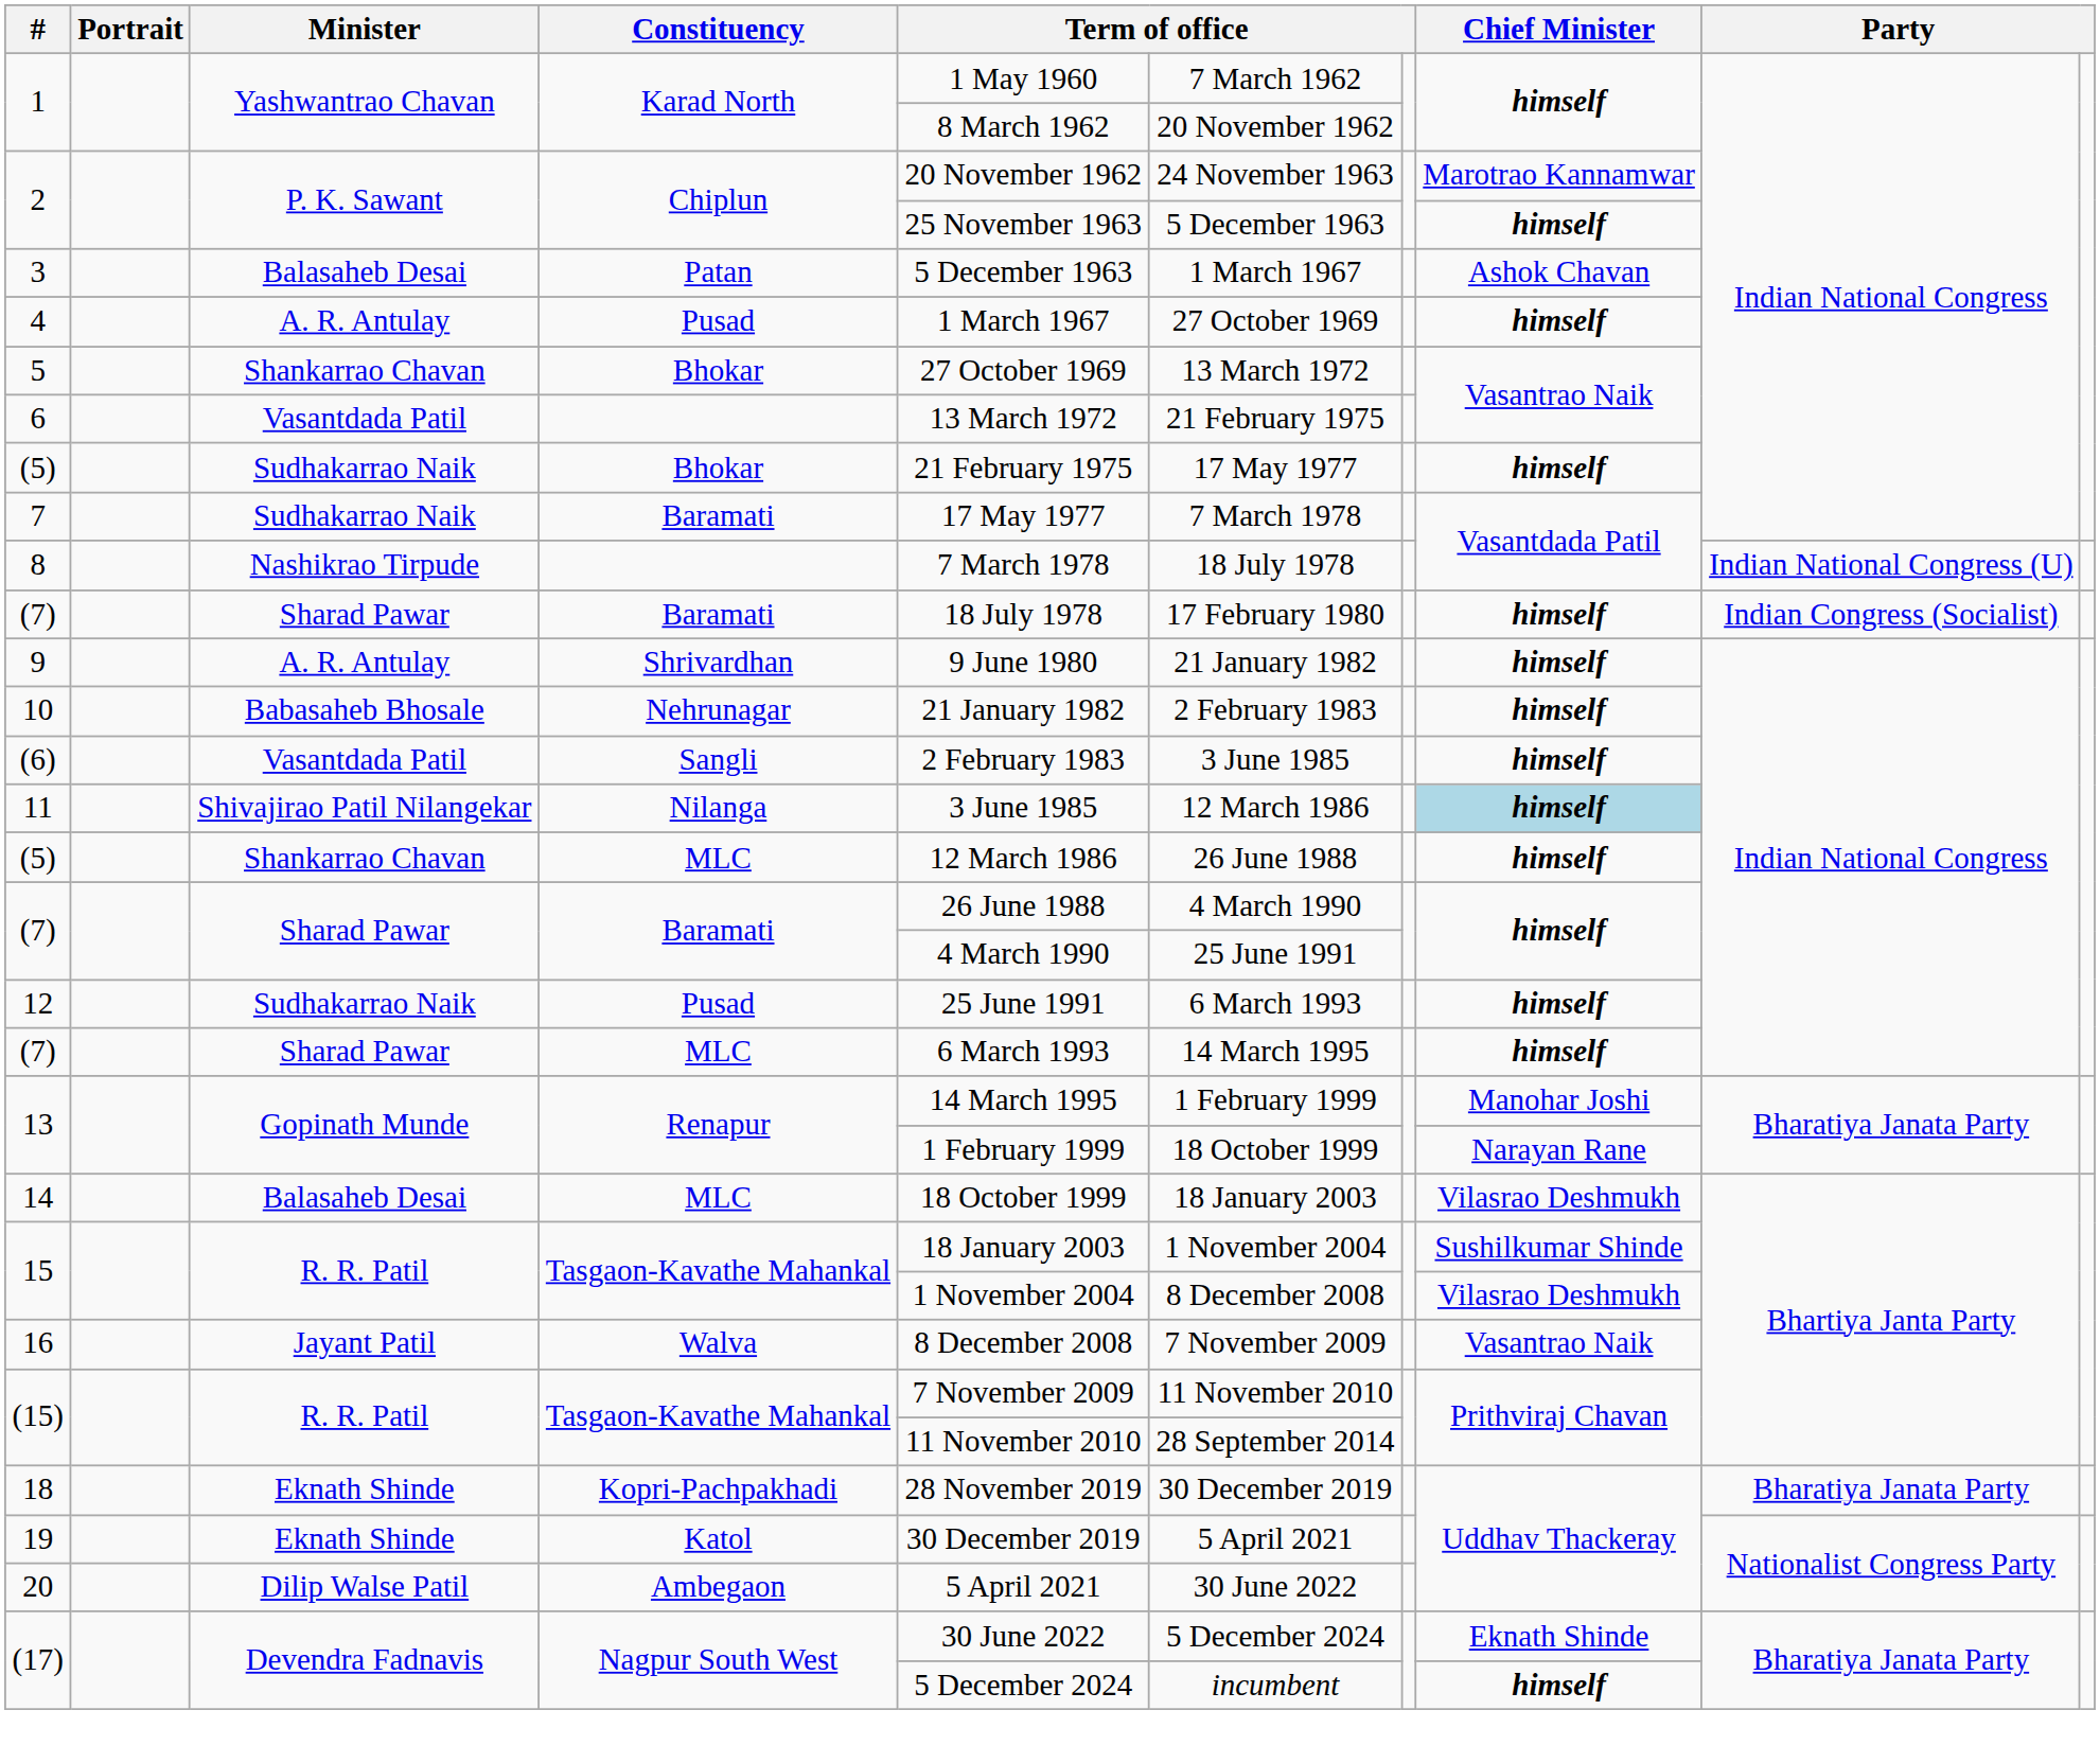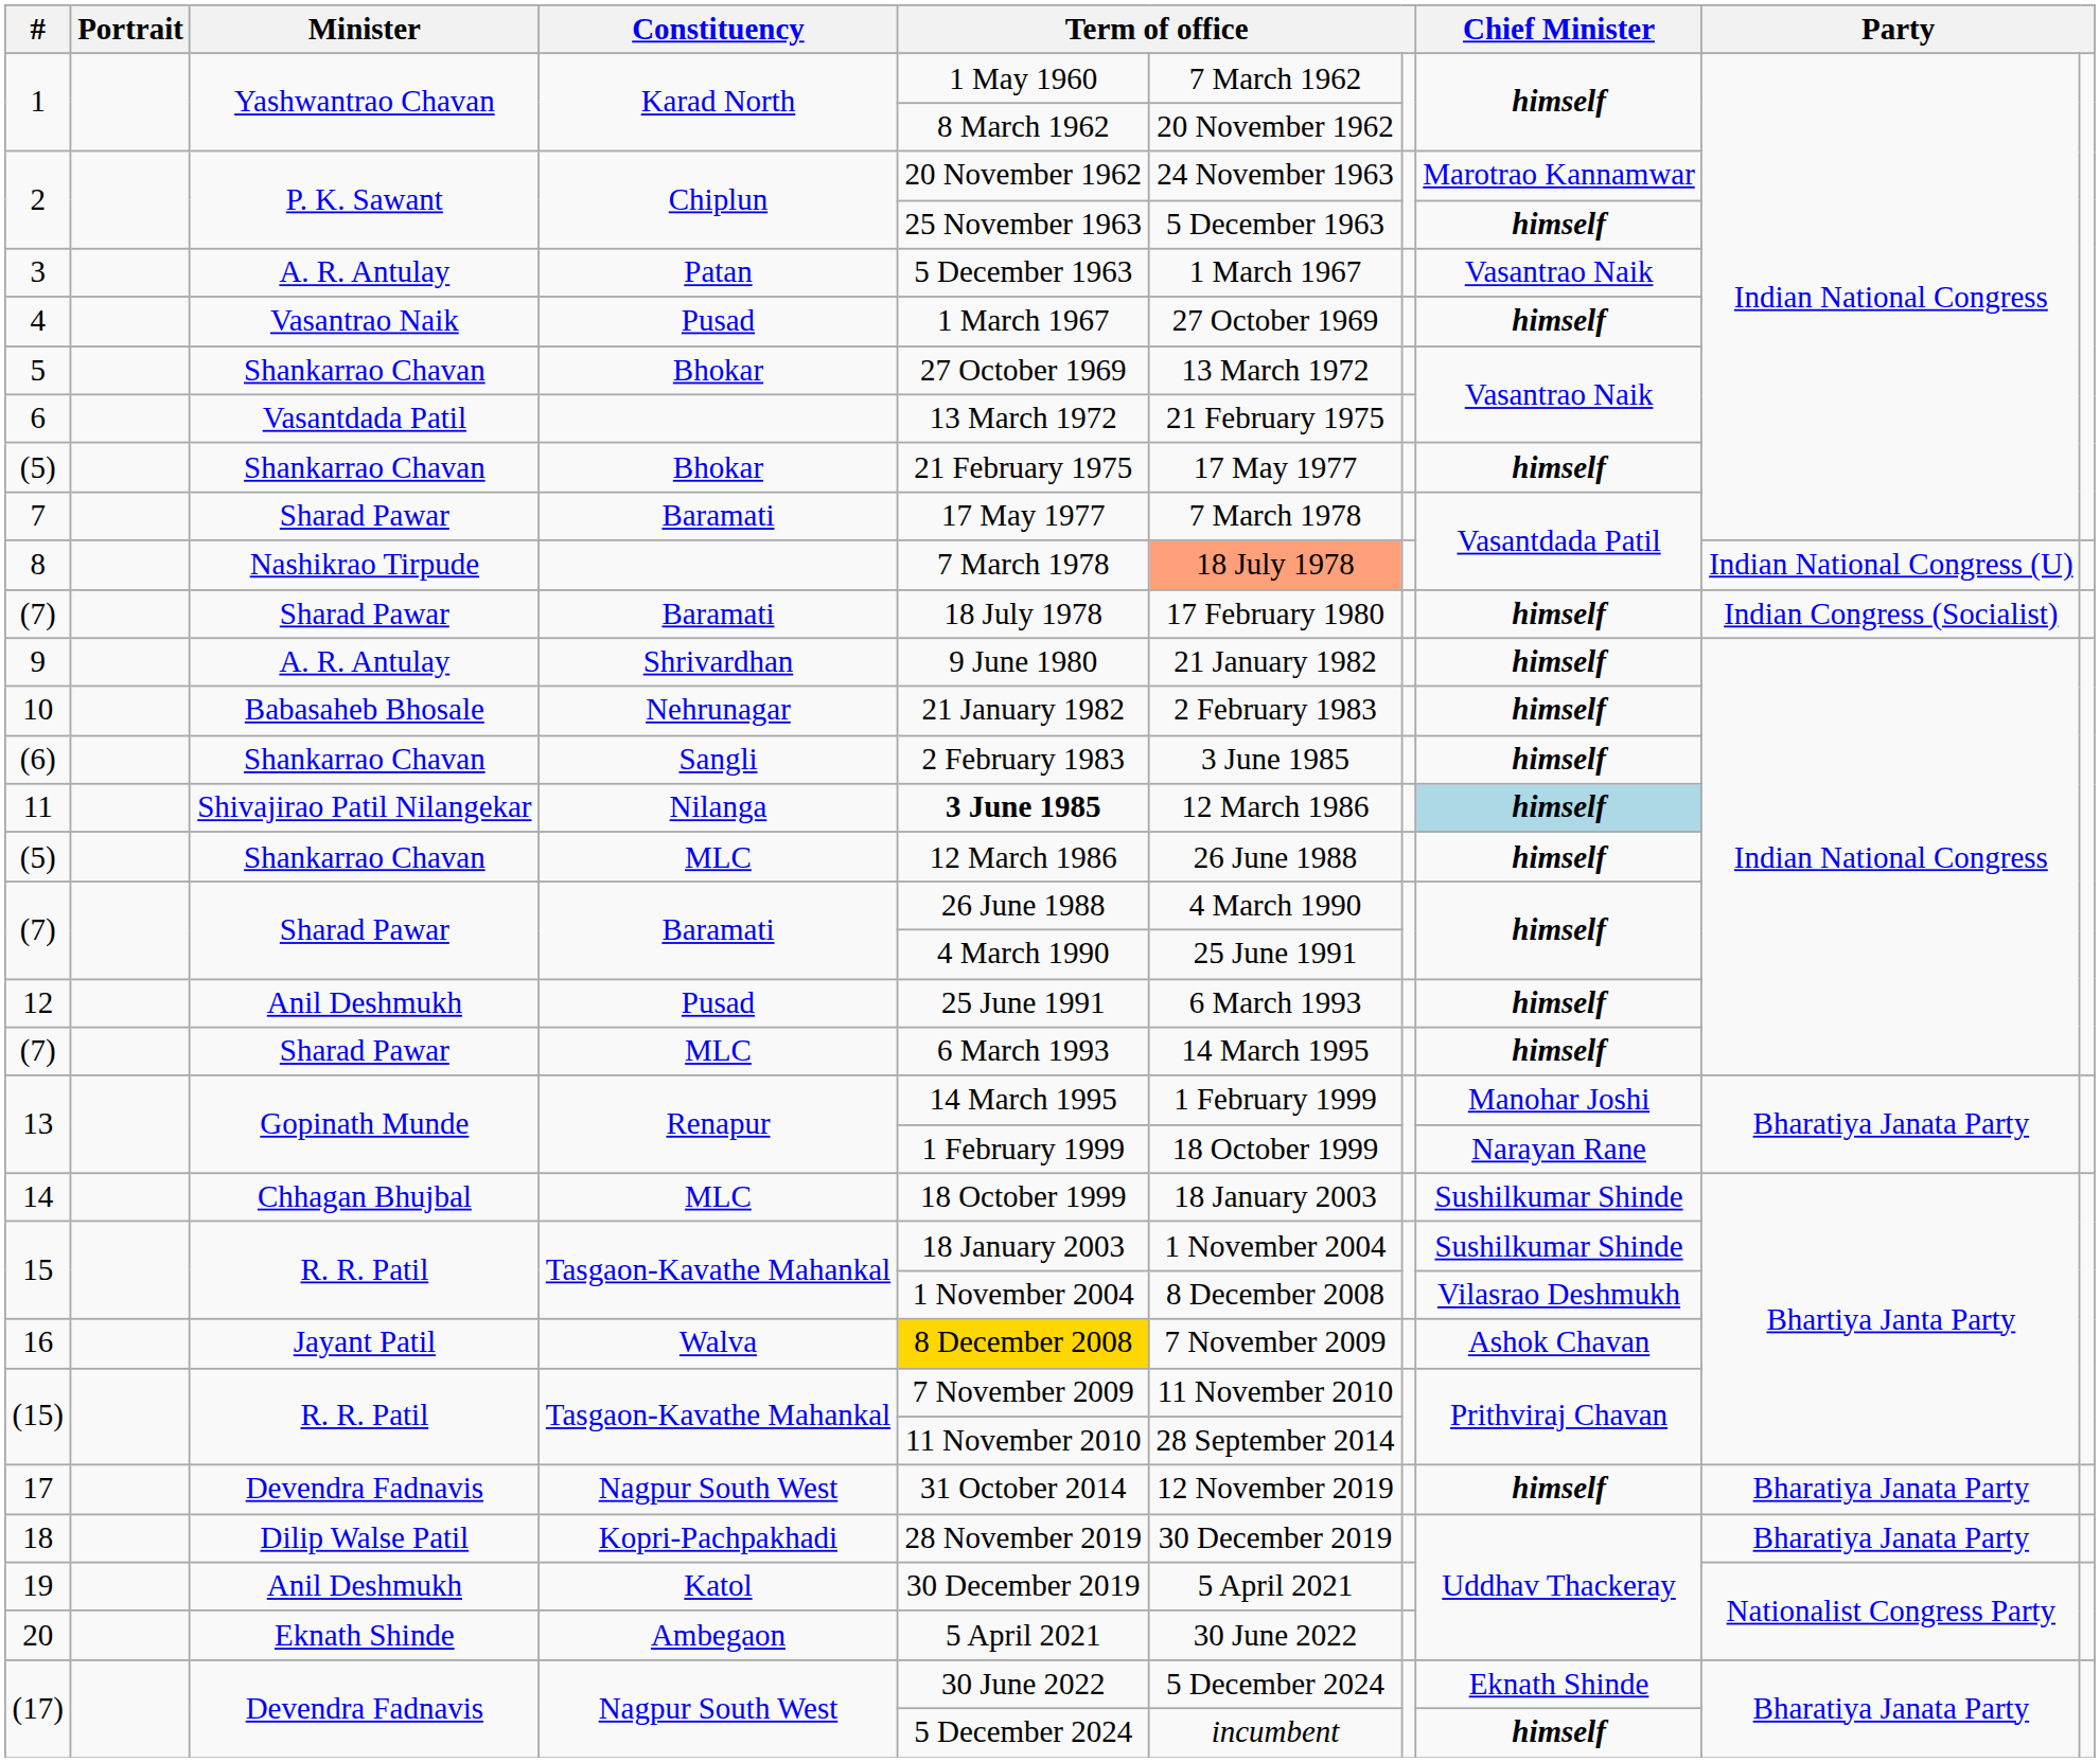 <table class="wikitable" style="text-align:center">
 <tr>
 <th>#</th>
 <th>Portrait</th>
 <th>Minister</th>
 <th><a href='#'>Constituency</a></th>
 <th colspan="3">Term of office</th>
 <th><a href='#'>Chief Minister</a></th>
 <th colspan="2">Party</th>
 </tr>
 <tr>
 <td rowspan="2">1</td>
 <td rowspan="2"></td>
 <td rowspan="2"><a href='#'>Yashwantrao Chavan</a></td>
 <td rowspan="2"><a href='#'>Karad North</a></td>
 <td>1 May 1960</td>
 <td>7 March 1962</td>
 <td rowspan="2"></td>
 <td rowspan="2"><strong><em>himself</em></strong></td>
 <td rowspan="10"><a href='#'>Indian National Congress</a></td>
 <td rowspan="10" style="background-color: "></td>
 </tr>
 <tr>
 <td>8 March 1962</td>
 <td>20 November 1962</td>
 </tr>
 <tr>
 <td rowspan="2">2</td>
 <td rowspan="2"></td>
 <td rowspan="2"><a href='#'>P. K. Sawant</a></td>
 <td rowspan="2"><a href='#'>Chiplun</a></td>
 <td>20 November 1962</td>
 <td>24 November 1963</td>
 <td rowspan="2"></td>
 <td><a href='#'>Marotrao Kannamwar</a></td>
 </tr>
 <tr>
 <td>25 November 1963</td>
 <td>5 December 1963</td>
 <td><strong><em>himself</em></strong></td>
 </tr>
 <tr>
 <td>3</td>
 <td></td>
-<td><a href='#'>Balasaheb Desai</a></td>
+<td><a href='#'>A. R. Antulay</a></td>
 <td><a href='#'>Patan</a></td>
 <td>5 December 1963</td>
 <td>1 March 1967</td>
 <td></td>
-<td><a href='#'>Ashok Chavan</a></td>
+<td><a href='#'>Vasantrao Naik</a></td>
 </tr>
 <tr>
 <td>4</td>
 <td></td>
-<td><a href='#'>A. R. Antulay</a></td>
+<td><a href='#'>Vasantrao Naik</a></td>
 <td><a href='#'>Pusad</a></td>
 <td>1 March 1967</td>
 <td>27 October 1969</td>
 <td></td>
 <td><strong><em>himself</em></strong></td>
 </tr>
 <tr>
 <td>5</td>
 <td></td>
 <td><a href='#'>Shankarrao Chavan</a></td>
 <td><a href='#'>Bhokar</a></td>
 <td>27 October 1969</td>
 <td>13 March 1972</td>
 <td></td>
 <td rowspan="2"><a href='#'>Vasantrao Naik</a></td>
 </tr>
 <tr>
 <td>6</td>
 <td></td>
 <td><a href='#'>Vasantdada Patil</a></td>
 <td></td>
 <td>13 March 1972</td>
 <td>21 February 1975</td>
 <td></td>
 </tr>
 <tr>
 <td>(5)</td>
 <td></td>
-<td><a href='#'>Sudhakarrao Naik</a></td>
+<td><a href='#'>Shankarrao Chavan</a></td>
 <td><a href='#'>Bhokar</a></td>
 <td>21 February 1975</td>
 <td>17 May 1977</td>
 <td></td>
 <td><strong><em>himself</em></strong></td>
 </tr>
 <tr>
 <td>7</td>
 <td></td>
-<td><a href='#'>Sudhakarrao Naik</a></td>
+<td><a href='#'>Sharad Pawar</a></td>
 <td><a href='#'>Baramati</a></td>
 <td>17 May 1977</td>
 <td>7 March 1978</td>
 <td></td>
 <td rowspan="2"><a href='#'>Vasantdada Patil</a></td>
 </tr>
 <tr>
 <td>8</td>
 <td></td>
 <td><a href='#'>Nashikrao Tirpude</a></td>
 <td></td>
 <td>7 March 1978</td>
-<td>18 July 1978</td>
+<td style="background: lightsalmon;">18 July 1978</td>
 <td></td>
 <td><a href='#'>Indian National Congress (U)</a></td>
 <td style="background-color: "></td>
 </tr>
 <tr>
 <td>(7)</td>
 <td></td>
 <td><a href='#'>Sharad Pawar</a></td>
 <td><a href='#'>Baramati</a></td>
 <td>18 July 1978</td>
 <td>17 February 1980</td>
 <td></td>
 <td><strong><em>himself</em></strong></td>
 <td><a href='#'>Indian Congress (Socialist)</a></td>
 <td style="background-color: "></td>
 </tr>
 <tr>
 <td>9</td>
 <td></td>
 <td><a href='#'>A. R. Antulay</a></td>
 <td><a href='#'>Shrivardhan</a></td>
 <td>9 June 1980</td>
 <td>21 January 1982</td>
 <td></td>
 <td><strong><em>himself</em></strong></td>
 <td rowspan="9"><a href='#'>Indian National Congress</a></td>
 <td rowspan="9" style="background-color: "></td>
 </tr>
 <tr>
 <td>10</td>
 <td></td>
 <td><a href='#'>Babasaheb Bhosale</a></td>
 <td><a href='#'>Nehrunagar</a></td>
 <td>21 January 1982</td>
 <td>2 February 1983</td>
 <td></td>
 <td><strong><em>himself</em></strong></td>
 </tr>
 <tr>
 <td>(6)</td>
 <td></td>
-<td><a href='#'>Vasantdada Patil</a></td>
+<td><a href='#'>Shankarrao Chavan</a></td>
 <td><a href='#'>Sangli</a></td>
 <td>2 February 1983</td>
 <td>3 June 1985</td>
 <td></td>
 <td><strong><em>himself</em></strong></td>
 </tr>
 <tr>
 <td>11</td>
 <td></td>
 <td><a href='#'>Shivajirao Patil Nilangekar</a></td>
 <td><a href='#'>Nilanga</a></td>
-<td>3 June 1985</td>
+<td><strong>3 June 1985</strong></td>
 <td>12 March 1986</td>
 <td></td>
 <td style="background: lightblue;"><strong><em>himself</em></strong></td>
 </tr>
 <tr>
 <td>(5)</td>
 <td></td>
 <td><a href='#'>Shankarrao Chavan</a></td>
 <td><a href='#'>MLC</a></td>
 <td>12 March 1986</td>
 <td>26 June 1988</td>
 <td></td>
 <td><strong><em>himself</em></strong></td>
 </tr>
 <tr>
 <td rowspan="2">(7)</td>
 <td rowspan="2"></td>
 <td rowspan="2"><a href='#'>Sharad Pawar</a></td>
 <td rowspan="2"><a href='#'>Baramati</a></td>
 <td>26 June 1988</td>
 <td>4 March 1990</td>
 <td rowspan="2"></td>
 <td rowspan="2"><strong><em>himself</em></strong></td>
 </tr>
 <tr>
 <td>4 March 1990</td>
 <td>25 June 1991</td>
 </tr>
 <tr>
 <td>12</td>
 <td></td>
-<td><a href='#'>Sudhakarrao Naik</a></td>
+<td><a href='#'>Anil Deshmukh</a></td>
 <td><a href='#'>Pusad</a></td>
 <td>25 June 1991</td>
 <td>6 March 1993</td>
 <td></td>
 <td><strong><em>himself</em></strong></td>
 </tr>
 <tr>
 <td>(7)</td>
 <td></td>
 <td><a href='#'>Sharad Pawar</a></td>
 <td><a href='#'>MLC</a></td>
 <td>6 March 1993</td>
 <td>14 March 1995</td>
 <td></td>
 <td><strong><em>himself</em></strong></td>
 </tr>
 <tr>
 <td rowspan="2">13</td>
 <td rowspan="2"></td>
 <td rowspan="2"><a href='#'>Gopinath Munde</a></td>
 <td rowspan="2"><a href='#'>Renapur</a></td>
 <td>14 March 1995</td>
 <td>1 February 1999</td>
 <td rowspan="2"></td>
 <td><a href='#'>Manohar Joshi</a></td>
 <td rowspan="2"><a href='#'>Bharatiya Janata Party</a></td>
 <td rowspan="2" style="background-color: "></td>
 </tr>
 <tr>
 <td>1 February 1999</td>
 <td>18 October 1999</td>
 <td><a href='#'>Narayan Rane</a></td>
 </tr>
 <tr>
 <td>14</td>
 <td></td>
-<td><a href='#'>Balasaheb Desai</a></td>
+<td><a href='#'>Chhagan Bhujbal</a></td>
 <td><a href='#'>MLC</a></td>
 <td>18 October 1999</td>
 <td>18 January 2003</td>
 <td></td>
-<td><a href='#'>Vilasrao Deshmukh</a></td>
+<td><a href='#'>Sushilkumar Shinde</a></td>
 <td rowspan="6"><a href='#'>Bhartiya Janta Party</a></td>
 <td rowspan="6" style="background-color: "></td>
 </tr>
 <tr>
 <td rowspan="2">15</td>
 <td rowspan="2"></td>
 <td rowspan="2"><a href='#'>R. R. Patil</a></td>
 <td rowspan="2"><a href='#'>Tasgaon-Kavathe Mahankal</a></td>
 <td>18 January 2003</td>
 <td>1 November 2004</td>
 <td rowspan="2"></td>
 <td><a href='#'>Sushilkumar Shinde</a></td>
 </tr>
 <tr>
 <td>1 November 2004</td>
 <td>8 December 2008</td>
 <td><a href='#'>Vilasrao Deshmukh</a></td>
 </tr>
 <tr>
 <td>16</td>
 <td></td>
 <td><a href='#'>Jayant Patil</a></td>
 <td><a href='#'>Walva</a></td>
-<td>8 December 2008</td>
+<td style="background: gold;">8 December 2008</td>
 <td>7 November 2009</td>
 <td></td>
-<td><a href='#'>Vasantrao Naik</a></td>
+<td><a href='#'>Ashok Chavan</a></td>
 </tr>
 <tr>
 <td rowspan="2">(15)</td>
 <td rowspan="2"></td>
 <td rowspan="2"><a href='#'>R. R. Patil</a></td>
 <td rowspan="2"><a href='#'>Tasgaon-Kavathe Mahankal</a></td>
 <td>7 November 2009</td>
 <td>11 November 2010</td>
 <td rowspan="2"></td>
 <td rowspan="2"><a href='#'>Prithviraj Chavan</a></td>
 </tr>
 <tr>
 <td>11 November 2010</td>
 <td>28 September 2014</td>
 </tr>
 <tr>
+<td>17</td>
+<td></td>
+<td><a href='#'>Devendra Fadnavis</a></td>
+<td><a href='#'>Nagpur South West</a></td>
+<td>31 October 2014</td>
+<td>12 November 2019</td>
+<td></td>
+<td><strong><em>himself</em></strong></td>
+<td><a href='#'>Bharatiya Janata Party</a></td>
+<td style="background-color: "></td>
+</tr>
+<tr>
 <td>18</td>
 <td></td>
-<td><a href='#'>Eknath Shinde</a></td>
+<td><a href='#'>Dilip Walse Patil</a></td>
 <td><a href='#'>Kopri-Pachpakhadi</a></td>
 <td>28 November 2019</td>
 <td>30 December 2019</td>
 <td></td>
 <td rowspan="3"><a href='#'>Uddhav Thackeray</a></td>
 <td><a href='#'>Bharatiya Janata Party</a></td>
 <td style="background-color: "></td>
 </tr>
 <tr>
 <td>19</td>
 <td></td>
-<td><a href='#'>Eknath Shinde</a></td>
+<td><a href='#'>Anil Deshmukh</a></td>
 <td><a href='#'>Katol</a></td>
 <td>30 December 2019</td>
 <td>5 April 2021</td>
 <td></td>
 <td rowspan="2"><a href='#'>Nationalist Congress Party</a></td>
 <td rowspan="2" style="background-color: "></td>
 </tr>
 <tr>
 <td>20</td>
 <td></td>
-<td><a href='#'>Dilip Walse Patil</a></td>
+<td><a href='#'>Eknath Shinde</a></td>
 <td><a href='#'>Ambegaon</a></td>
 <td>5 April 2021</td>
 <td>30 June 2022</td>
 <td></td>
 </tr>
 <tr>
 <td rowspan="2">(17)</td>
 <td rowspan="2"></td>
 <td rowspan="2"><a href='#'>Devendra Fadnavis</a></td>
 <td rowspan="2"><a href='#'>Nagpur South West</a></td>
 <td>30 June 2022</td>
 <td>5 December 2024</td>
 <td rowspan="2"></td>
 <td><a href='#'>Eknath Shinde</a></td>
 <td rowspan="2"><a href='#'>Bharatiya Janata Party</a></td>
 <td rowspan="2" style="background-color: "></td>
 </tr>
 <tr>
 <td>5 December 2024</td>
 <td><em>incumbent</em></td>
 <td><strong><em>himself</em></strong></td>
 </tr>
 </table>
